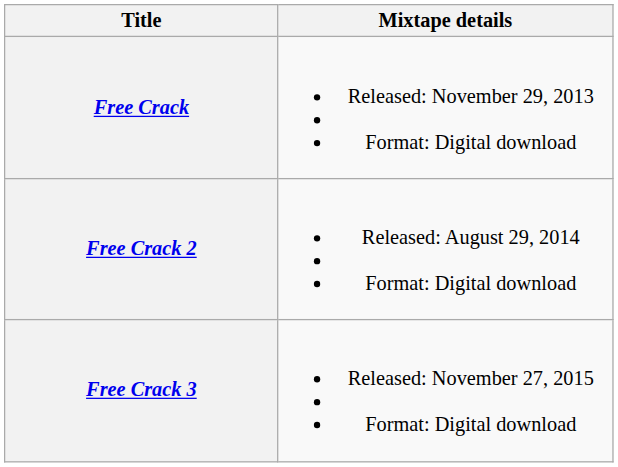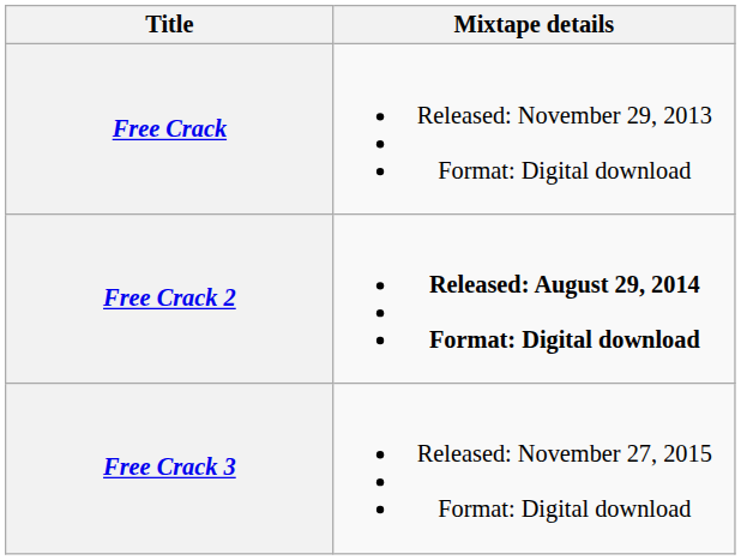 <table class="wikitable plainrowheaders" style="text-align:center;">
 <tr>
 <th scope="col" style="width:13em;">Title</th>
 <th scope="col" style="width:16em;">Mixtape details</th>
 </tr>
 <tr>
 <th scope="row"><em><a href='#'>Free Crack</a></em></th>
 <td><br><ul><li>Released: November 29, 2013</li><li></li><li>Format: Digital download</li></ul></td>
 </tr>
 <tr>
 <th scope="row"><em><a href='#'>Free Crack 2</a></em></th>
-<td><br><ul><li>Released: August 29, 2014</li><li></li><li>Format: Digital download</li></ul></td>
+<td><strong><br><ul><li>Released: August 29, 2014</li><li></li><li>Format: Digital download</li></ul></strong></td>
 </tr>
 <tr>
 <th scope="row"><em><a href='#'>Free Crack 3</a></em></th>
 <td><br><ul><li>Released: November 27, 2015</li><li></li><li>Format: Digital download</li></ul></td>
 </tr>
 </table>
